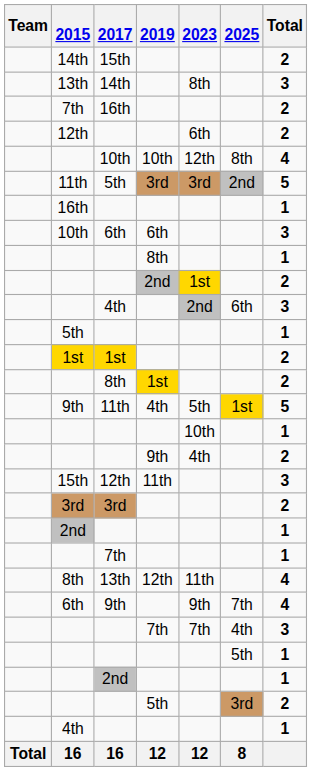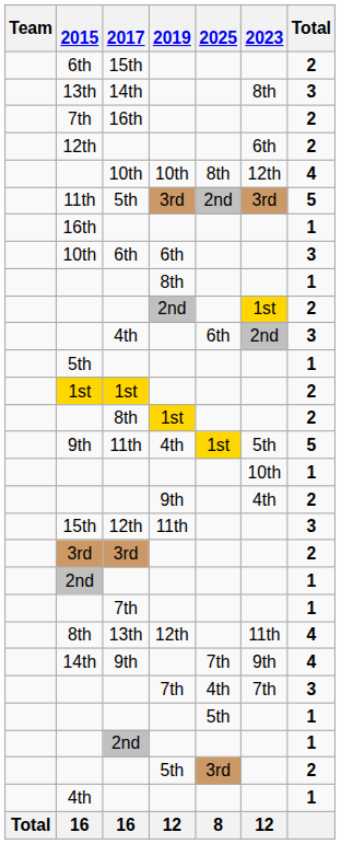 <table class="wikitable" style="text-align:center; font-size:90%">
 <tr bgcolor=>
 <th>Team</th>
 <th><br><a href='#'>2015</a></th>
 <th><br><a href='#'>2017</a></th>
 <th><br><a href='#'>2019</a></th>
+<th><br><a href='#'>2025</a></th>
 <th><br><a href='#'>2023</a></th>
-<th><br><a href='#'>2025</a></th>
 <th>Total</th>
 </tr>
 <tr>
 <td align=left></td>
-<td>14th</td>
+<td>6th</td>
 <td>15th</td>
 <td></td>
 <td></td>
 <td></td>
 <td><strong>2</strong></td>
 </tr>
 <tr>
 <td align=left></td>
 <td>13th</td>
 <td>14th</td>
 <td></td>
+<td></td>
 <td>8th</td>
-<td></td>
 <td><strong>3</strong></td>
 </tr>
 <tr>
 <td align=left></td>
 <td>7th</td>
 <td>16th</td>
 <td></td>
 <td></td>
 <td></td>
 <td><strong>2</strong></td>
 </tr>
 <tr>
 <td align=left></td>
 <td>12th</td>
 <td></td>
 <td></td>
+<td></td>
 <td>6th</td>
-<td></td>
 <td><strong>2</strong></td>
 </tr>
 <tr>
 <td align=left></td>
 <td></td>
 <td>10th</td>
 <td>10th</td>
+<td>8th</td>
 <td>12th</td>
-<td>8th</td>
 <td><strong>4</strong></td>
 </tr>
 <tr>
 <td align=left></td>
 <td>11th</td>
 <td>5th</td>
 <td bgcolor=#CC9966>3rd</td>
+<td bgcolor=silver>2nd</td>
 <td bgcolor=#CC9966>3rd</td>
-<td bgcolor=silver>2nd</td>
 <td><strong>5</strong></td>
 </tr>
 <tr>
 <td align=left></td>
 <td>16th</td>
 <td></td>
 <td></td>
 <td></td>
 <td></td>
 <td><strong>1</strong></td>
 </tr>
 <tr>
 <td align=left></td>
 <td>10th</td>
 <td>6th</td>
 <td>6th</td>
 <td></td>
 <td></td>
 <td><strong>3</strong></td>
 </tr>
 <tr>
 <td align=left></td>
 <td></td>
 <td></td>
 <td>8th</td>
 <td></td>
 <td></td>
 <td><strong>1</strong></td>
 </tr>
 <tr>
 <td align=left></td>
 <td></td>
 <td></td>
 <td bgcolor=silver>2nd</td>
+<td></td>
 <td bgcolor=gold>1st</td>
-<td></td>
 <td><strong>2</strong></td>
 </tr>
 <tr>
 <td align=left></td>
 <td></td>
 <td>4th</td>
 <td></td>
+<td>6th</td>
 <td bgcolor=silver>2nd</td>
-<td>6th</td>
 <td><strong>3</strong></td>
 </tr>
 <tr>
 <td align=left></td>
 <td>5th</td>
 <td></td>
 <td></td>
 <td></td>
 <td></td>
 <td><strong>1</strong></td>
 </tr>
 <tr>
 <td align=left></td>
 <td bgcolor=gold>1st</td>
 <td bgcolor=gold>1st</td>
 <td></td>
 <td></td>
 <td></td>
 <td><strong>2</strong></td>
 </tr>
 <tr>
 <td align=left></td>
 <td></td>
 <td>8th</td>
 <td bgcolor=gold>1st</td>
 <td></td>
 <td></td>
 <td><strong>2</strong></td>
 </tr>
 <tr>
 <td align=left></td>
 <td>9th</td>
 <td>11th</td>
 <td>4th</td>
+<td bgcolor=gold>1st</td>
 <td>5th</td>
-<td bgcolor=gold>1st</td>
 <td><strong>5</strong></td>
 </tr>
 <tr>
 <td align=left></td>
 <td></td>
 <td></td>
 <td></td>
+<td></td>
 <td>10th</td>
-<td></td>
 <td><strong>1</strong></td>
 </tr>
 <tr>
 <td align=left></td>
 <td></td>
 <td></td>
 <td>9th</td>
+<td></td>
 <td>4th</td>
-<td></td>
 <td><strong>2</strong></td>
 </tr>
 <tr>
 <td align=left></td>
 <td>15th</td>
 <td>12th</td>
 <td>11th</td>
 <td></td>
 <td></td>
 <td><strong>3</strong></td>
 </tr>
 <tr>
 <td align=left></td>
 <td bgcolor="#CC9966">3rd</td>
 <td bgcolor="#CC9966">3rd</td>
 <td></td>
 <td></td>
 <td></td>
 <td><strong>2</strong></td>
 </tr>
 <tr>
 <td align=left></td>
 <td bgcolor="silver">2nd</td>
 <td></td>
 <td></td>
 <td></td>
 <td></td>
 <td><strong>1</strong></td>
 </tr>
 <tr>
 <td align=left></td>
 <td></td>
 <td>7th</td>
 <td></td>
 <td></td>
 <td></td>
 <td><strong>1</strong></td>
 </tr>
 <tr>
 <td align=left></td>
 <td>8th</td>
 <td>13th</td>
 <td>12th</td>
+<td></td>
 <td>11th</td>
-<td></td>
 <td><strong>4</strong></td>
 </tr>
 <tr>
 <td align=left></td>
-<td>6th</td>
+<td>14th</td>
 <td>9th</td>
 <td></td>
+<td>7th</td>
 <td>9th</td>
-<td>7th</td>
 <td><strong>4</strong></td>
 </tr>
 <tr>
 <td align=left></td>
 <td></td>
 <td></td>
 <td>7th</td>
+<td>4th</td>
 <td>7th</td>
-<td>4th</td>
 <td><strong>3</strong></td>
 </tr>
 <tr>
 <td align=left></td>
 <td></td>
 <td></td>
 <td></td>
+<td>5th</td>
 <td></td>
-<td>5th</td>
 <td><strong>1</strong></td>
 </tr>
 <tr>
 <td align=left></td>
 <td></td>
 <td bgcolor="silver">2nd</td>
 <td></td>
 <td></td>
 <td></td>
 <td><strong>1</strong></td>
 </tr>
 <tr>
 <td align=left></td>
 <td></td>
 <td></td>
 <td>5th</td>
+<td bgcolor="#CC9966">3rd</td>
 <td></td>
-<td bgcolor="#CC9966">3rd</td>
 <td><strong>2</strong></td>
 </tr>
 <tr>
 <td align=left></td>
 <td>4th</td>
 <td></td>
 <td></td>
 <td></td>
 <td></td>
 <td><strong>1</strong></td>
 </tr>
 <tr>
 <th>Total</th>
 <th>16</th>
 <th>16</th>
 <th>12</th>
+<th>8</th>
 <th>12</th>
-<th>8</th>
 <th></th>
 </tr>
 </table>
